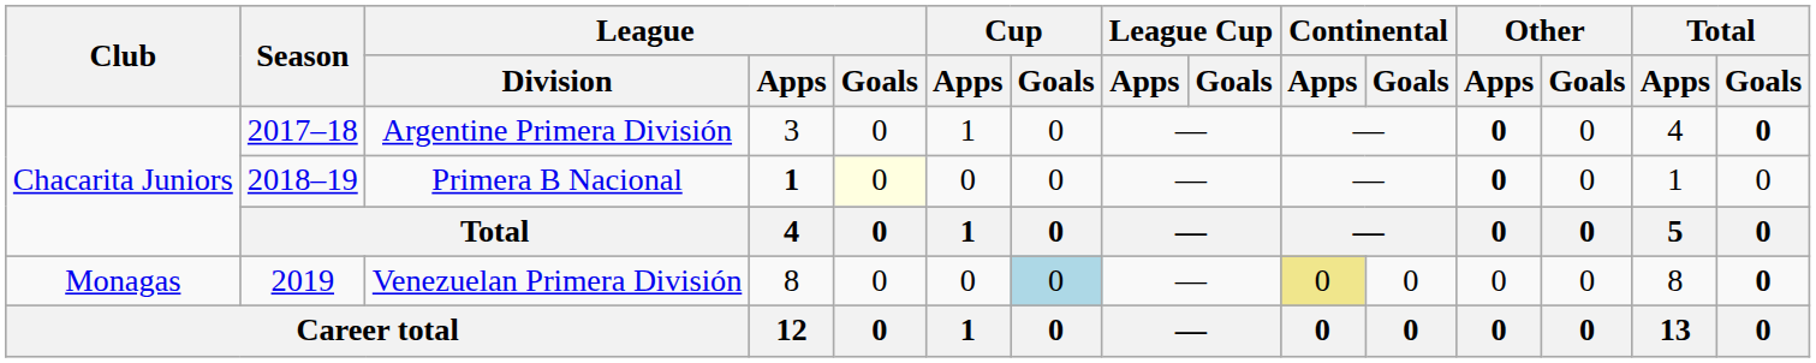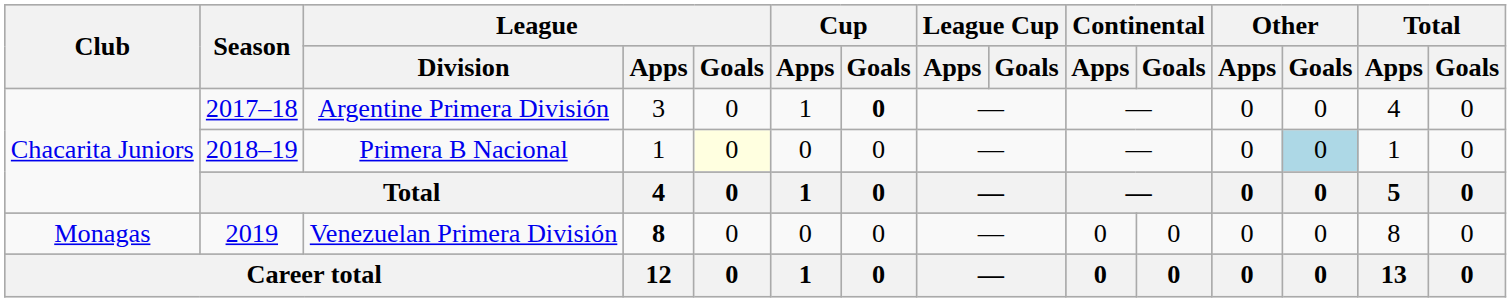 <table class="wikitable" style="text-align:center">
 <tr>
 <th rowspan="2">Club</th>
 <th rowspan="2">Season</th>
 <th colspan="3">League</th>
 <th colspan="2">Cup</th>
 <th colspan="2">League Cup</th>
 <th colspan="2">Continental</th>
 <th colspan="2">Other</th>
 <th colspan="2">Total</th>
 </tr>
 <tr>
 <th>Division</th>
 <th>Apps</th>
 <th>Goals</th>
 <th>Apps</th>
 <th>Goals</th>
 <th>Apps</th>
 <th>Goals</th>
 <th>Apps</th>
 <th>Goals</th>
 <th>Apps</th>
 <th>Goals</th>
 <th>Apps</th>
 <th>Goals</th>
 </tr>
 <tr>
 <td rowspan="3"><a href='#'>Chacarita Juniors</a></td>
 <td><a href='#'>2017–18</a></td>
 <td rowspan="1"><a href='#'>Argentine Primera División</a></td>
 <td>3</td>
 <td>0</td>
 <td>1</td>
-<td>0</td>
+<td><strong>0</strong></td>
 <td colspan="2">—</td>
 <td colspan="2">—</td>
-<td><strong>0</strong></td>
+<td>0</td>
 <td>0</td>
 <td>4</td>
-<td><strong>0</strong></td>
+<td>0</td>
 </tr>
 <tr>
 <td><a href='#'>2018–19</a></td>
 <td rowspan="1"><a href='#'>Primera B Nacional</a></td>
-<td><strong>1</strong></td>
+<td>1</td>
 <td style="background: lightyellow;">0</td>
 <td>0</td>
 <td>0</td>
 <td colspan="2">—</td>
 <td colspan="2">—</td>
-<td><strong>0</strong></td>
 <td>0</td>
+<td style="background: lightblue;">0</td>
 <td>1</td>
 <td>0</td>
 </tr>
 <tr>
 <th colspan="2">Total</th>
 <th>4</th>
 <th>0</th>
 <th>1</th>
 <th>0</th>
 <th colspan="2">—</th>
 <th colspan="2">—</th>
 <th>0</th>
 <th>0</th>
 <th>5</th>
 <th>0</th>
 </tr>
 <tr>
 <td rowspan="1"><a href='#'>Monagas</a></td>
 <td><a href='#'>2019</a></td>
 <td rowspan="1"><a href='#'>Venezuelan Primera División</a></td>
-<td>8</td>
+<td><strong>8</strong></td>
 <td>0</td>
 <td>0</td>
-<td style="background: lightblue;">0</td>
+<td>0</td>
 <td colspan="2">—</td>
-<td style="background: khaki;">0</td>
+<td>0</td>
 <td>0</td>
 <td>0</td>
 <td>0</td>
 <td>8</td>
-<td><strong>0</strong></td>
+<td>0</td>
 </tr>
 <tr>
 <th colspan="3">Career total</th>
 <th>12</th>
 <th>0</th>
 <th>1</th>
 <th>0</th>
 <th colspan="2">—</th>
 <th>0</th>
 <th>0</th>
 <th>0</th>
 <th>0</th>
 <th>13</th>
 <th>0</th>
 </tr>
 </table>
